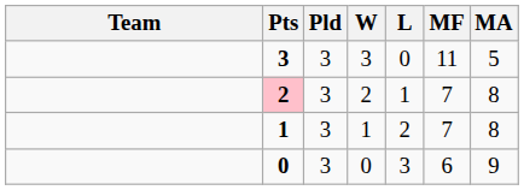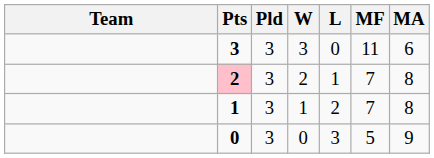 <table class=wikitable style="text-align:center">
 <tr>
 <th width=175>Team</th>
 <th width=20>Pts</th>
 <th width=20>Pld</th>
 <th width=20>W</th>
 <th width=20>L</th>
 <th width=20>MF</th>
 <th width=20>MA</th>
 </tr>
 <tr>
 <td style="text-align:left"></td>
 <td><strong>3</strong></td>
 <td>3</td>
 <td>3</td>
 <td>0</td>
 <td>11</td>
-<td>5</td>
+<td>6</td>
 </tr>
 <tr>
 <td style="text-align:left"></td>
 <td style="background: pink;"><strong>2</strong></td>
 <td>3</td>
 <td>2</td>
 <td>1</td>
 <td>7</td>
 <td>8</td>
 </tr>
 <tr>
 <td style="text-align:left"></td>
 <td><strong>1</strong></td>
 <td>3</td>
 <td>1</td>
 <td>2</td>
 <td>7</td>
 <td>8</td>
 </tr>
 <tr>
 <td style="text-align:left"></td>
 <td><strong>0</strong></td>
 <td>3</td>
 <td>0</td>
 <td>3</td>
-<td>6</td>
+<td>5</td>
 <td>9</td>
 </tr>
 </table>
